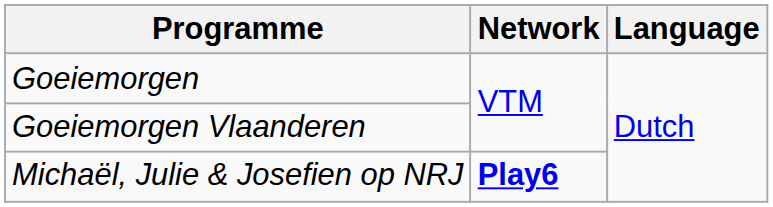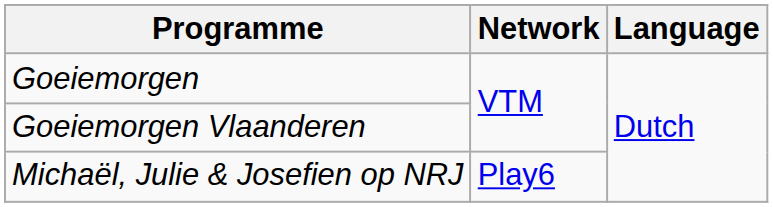 <table class="wikitable">
 <tr>
 <th>Programme</th>
 <th>Network</th>
 <th>Language</th>
 </tr>
 <tr>
 <td><em>Goeiemorgen</em></td>
 <td rowspan="2"><a href='#'>VTM</a></td>
 <td rowspan="3"><a href='#'>Dutch</a></td>
 </tr>
 <tr>
 <td><em>Goeiemorgen Vlaanderen</em></td>
 </tr>
 <tr>
 <td><em>Michaël, Julie & Josefien op NRJ</em></td>
-<td><strong><a href='#'>Play6</a></strong></td>
+<td><a href='#'>Play6</a></td>
 </tr>
 </table>
